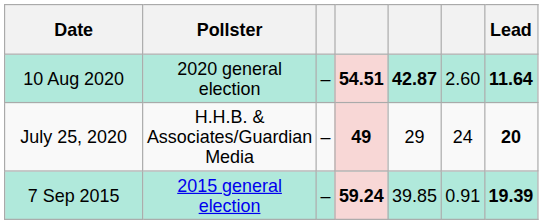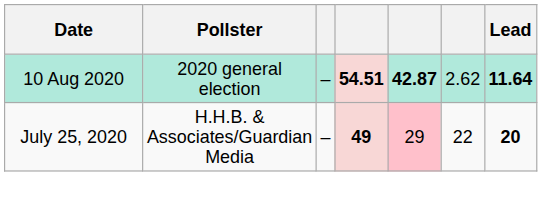 <table class="wikitable sortable collapsible" style="text-align:center;font-size:95%;">
 <tr style="height:42px;">
 <th style="width:110px;">Date</th>
 <th style="width:110px;">Pollster</th>
 <th data-sort-type="number"></th>
 <th class="unsortable" style="background:"><a href='#'></a></th>
 <th class="unsortable" style="background:"><a href='#'></a></th>
 <th class="unsortable" style="background:"></th>
 <th>Lead</th>
 </tr>
 <tr style="background:#b0e9db;">
 <td>10 Aug 2020</td>
 <td>2020 general election</td>
 <td>–</td>
 <td style="background:#F8D7D6;"><strong>54.51</strong></td>
 <td><strong>42.87</strong></td>
-<td>2.60</td>
+<td>2.62</td>
 <td style="background:"><strong>11.64</strong></td>
 </tr>
 <tr>
 <td>July 25, 2020</td>
 <td>H.H.B. & Associates/Guardian Media</td>
 <td>–</td>
 <td style="background:#F8D7D6;"><strong>49</strong></td>
-<td>29</td>
-<td>24</td>
+<td style="background: pink;">29</td>
+<td>22</td>
 <td style="background:"><strong>20</strong></td>
 </tr>
-<tr style="background:#b0e9db;">
-<td data-sort-value="2015-09-07">7 Sep 2015</td>
-<td><a href='#'>2015 general election</a></td>
-<td>–</td>
-<td style="background:#F8D7D6;"><strong>59.24</strong></td>
-<td>39.85</td>
-<td>0.91</td>
-<td style="background:"><strong>19.39</strong></td>
-</tr>
 </table>
